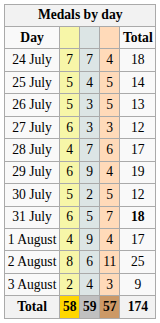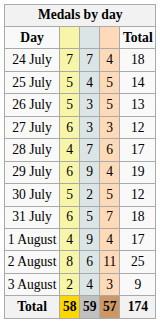 <table class="wikitable" style="font-size:85%; float:right">
 <tr align=center>
 <th colspan=5>Medals by day</th>
 </tr>
 <tr align=center>
 <td><strong>Day</strong></td>
 <td bgcolor=#f7f6a8></td>
 <td bgcolor=#dce5e5></td>
 <td bgcolor=#ffdab9></td>
 <td><strong>Total</strong></td>
 </tr>
 <tr align=center>
 <td>24 July</td>
 <td bgcolor=#f7f6a8>7</td>
 <td bgcolor=#dce5e5>7</td>
 <td bgcolor=#ffdab9>4</td>
 <td>18</td>
 </tr>
 <tr align=center>
 <td>25 July</td>
 <td bgcolor=#f7f6a8>5</td>
 <td bgcolor=#dce5e5>4</td>
 <td bgcolor=#ffdab9>5</td>
 <td>14</td>
 </tr>
 <tr align=center>
 <td>26 July</td>
 <td bgcolor=#f7f6a8>5</td>
 <td bgcolor=#dce5e5>3</td>
 <td bgcolor=#ffdab9>5</td>
 <td>13</td>
 </tr>
 <tr align=center>
 <td>27 July</td>
 <td bgcolor=#f7f6a8>6</td>
 <td bgcolor=#dce5e5>3</td>
 <td bgcolor=#ffdab9>3</td>
 <td>12</td>
 </tr>
 <tr align=center>
 <td>28 July</td>
 <td bgcolor=#f7f6a8>4</td>
 <td bgcolor=#dce5e5>7</td>
 <td bgcolor=#ffdab9>6</td>
 <td>17</td>
 </tr>
 <tr align=center>
 <td>29 July</td>
 <td bgcolor=#f7f6a8>6</td>
 <td bgcolor=#dce5e5>9</td>
 <td bgcolor=#ffdab9>4</td>
 <td>19</td>
 </tr>
 <tr align=center>
 <td>30 July</td>
 <td bgcolor=#f7f6a8>5</td>
 <td bgcolor=#dce5e5>2</td>
 <td bgcolor=#ffdab9>5</td>
 <td>12</td>
 </tr>
 <tr align=center>
 <td>31 July</td>
 <td bgcolor=#f7f6a8>6</td>
 <td bgcolor=#dce5e5>5</td>
 <td bgcolor=#ffdab9>7</td>
-<td><strong>18</strong></td>
+<td>18</td>
 </tr>
 <tr align=center>
 <td>1 August</td>
 <td bgcolor=#f7f6a8>4</td>
 <td bgcolor=#dce5e5>9</td>
 <td bgcolor=#ffdab9>4</td>
 <td>17</td>
 </tr>
 <tr align=center>
 <td>2 August</td>
 <td bgcolor=#f7f6a8>8</td>
 <td bgcolor=#dce5e5>6</td>
 <td bgcolor=#ffdab9>11</td>
 <td>25</td>
 </tr>
 <tr align=center>
 <td>3 August</td>
 <td bgcolor=#f7f6a8>2</td>
 <td bgcolor=#dce5e5>4</td>
 <td bgcolor=#ffdab9>3</td>
 <td>9</td>
 </tr>
 <tr align=center>
 <th bgcolor=#efefef>Total</th>
 <th style="background:gold;">58</th>
 <th style="background:silver;">59</th>
 <th style="background:#c96;">57</th>
 <th>174</th>
 </tr>
 </table>
